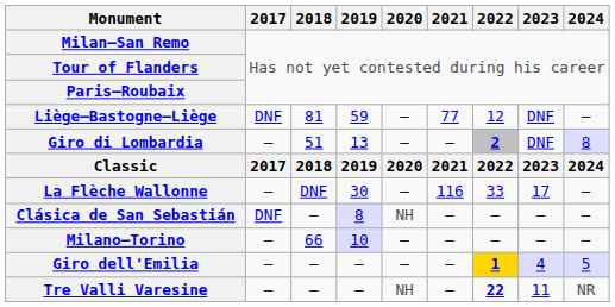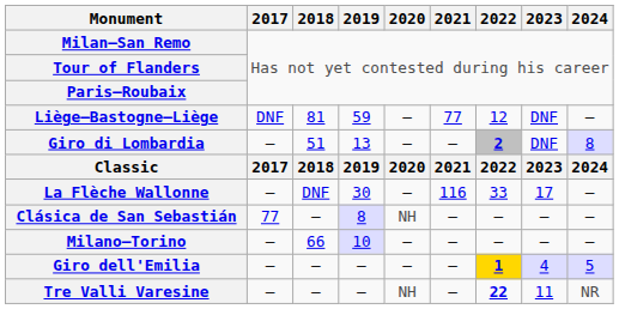 <table class="wikitable plainrowheaders">
 <tr>
 <th scope="col" width=200>Monument</th>
 <th scope="col">2017</th>
 <th scope="col">2018</th>
 <th scope="col">2019</th>
 <th scope="col">2020</th>
 <th scope="col">2021</th>
 <th scope="col">2022</th>
 <th scope="col">2023</th>
 <th scope="col">2024</th>
 </tr>
 <tr style="text-align:center;">
 <th scope="row"><a href='#'>Milan–San Remo</a></th>
 <td style="color:#4d4d4d;" colspan=8 rowspan=3>Has not yet contested during his career</td>
 </tr>
 <tr style="text-align:center;">
 <th scope="row"><a href='#'>Tour of Flanders</a></th>
 </tr>
 <tr style="text-align:center;">
 <th scope="row"><a href='#'>Paris–Roubaix</a></th>
 </tr>
 <tr style="text-align:center;">
 <th scope="row"><a href='#'>Liège–Bastogne–Liège</a></th>
 <td><a href='#'>DNF</a></td>
 <td><a href='#'>81</a></td>
 <td><a href='#'>59</a></td>
 <td>—</td>
 <td><a href='#'>77</a></td>
 <td><a href='#'>12</a></td>
 <td><a href='#'>DNF</a></td>
 <td>—</td>
 </tr>
 <tr style="text-align:center;">
 <th scope="row"><a href='#'>Giro di Lombardia</a></th>
 <td>—</td>
 <td><a href='#'>51</a></td>
 <td><a href='#'>13</a></td>
 <td>—</td>
 <td>—</td>
 <td style="background:silver;"><a href='#'><strong>2</strong></a></td>
 <td><a href='#'>DNF</a></td>
 <td style="background:#ddf;"><a href='#'>8</a></td>
 </tr>
 <tr style="background:#EEEEEE;">
 <th>Classic</th>
 <th scope="col">2017</th>
 <th scope="col">2018</th>
 <th scope="col">2019</th>
 <th scope="col">2020</th>
 <th scope="col">2021</th>
 <th scope="col">2022</th>
 <th scope="col">2023</th>
 <th scope="col">2024</th>
 </tr>
 <tr style="text-align:center;">
 <th scope="row"><a href='#'>La Flèche Wallonne</a></th>
 <td>—</td>
 <td><a href='#'>DNF</a></td>
 <td><a href='#'>30</a></td>
 <td>—</td>
 <td><a href='#'>116</a></td>
 <td><a href='#'>33</a></td>
 <td><a href='#'>17</a></td>
 <td>—</td>
 </tr>
 <tr style="text-align:center;">
 <th scope="row"><a href='#'>Clásica de San Sebastián</a></th>
-<td><a href='#'>DNF</a></td>
+<td><a href='#'>77</a></td>
 <td>—</td>
 <td style="background:#ddf;"><a href='#'>8</a></td>
 <td style="color:#4d4d4d;">NH</td>
 <td>—</td>
 <td>—</td>
 <td>—</td>
 <td>—</td>
 </tr>
 <tr style="text-align:center;">
 <th scope="row"><a href='#'>Milano–Torino</a></th>
 <td>—</td>
 <td><a href='#'>66</a></td>
 <td style="background:#ddf;"><a href='#'>10</a></td>
 <td>—</td>
 <td>—</td>
 <td>—</td>
 <td>—</td>
 <td>—</td>
 </tr>
 <tr style="text-align:center;">
 <th scope="row"><a href='#'>Giro dell'Emilia</a></th>
 <td>—</td>
 <td>—</td>
 <td>—</td>
 <td>—</td>
 <td>—</td>
 <td style="background:gold;"><a href='#'><strong>1</strong></a></td>
 <td style="background:#ddf;"><a href='#'>4</a></td>
 <td style="background:#ddf;"><a href='#'>5</a></td>
 </tr>
 <tr style="text-align:center;">
 <th scope="row"><a href='#'>Tre Valli Varesine</a></th>
 <td>—</td>
 <td>—</td>
 <td>—</td>
 <td style="color:#4d4d4d;">NH</td>
 <td>—</td>
 <td><strong><a href='#'>22</a></strong></td>
 <td><a href='#'>11</a></td>
 <td style="color:#4d4d4d;">NR</td>
 </tr>
 </table>
